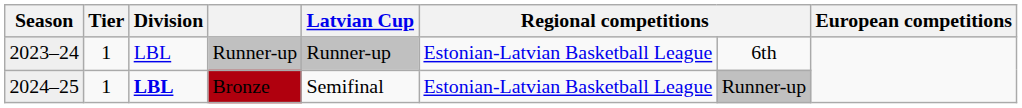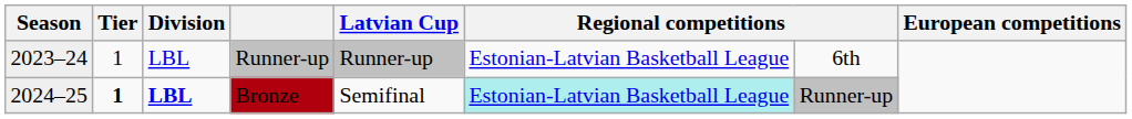 <table class="wikitable" style="font-size:85%; text-align:center">
 <tr>
 <th>Season</th>
 <th>Tier</th>
 <th>Division</th>
 <th></th>
 <th><a href='#'>Latvian Cup</a></th>
 <th colspan=2>Regional competitions</th>
 <th colspan=2>European competitions</th>
 </tr>
 <tr>
 <td bgcolor=#efefef>2023–24</td>
 <td>1</td>
 <td align=left><a href='#'>LBL</a></td>
 <td align=left bgcolor=silver>Runner-up</td>
 <td align=left bgcolor=silver>Runner-up</td>
 <td align=left><a href='#'>Estonian-Latvian Basketball League</a></td>
 <td>6th</td>
 </tr>
 <tr>
 <td bgcolor=#efefef>2024–25</td>
-<td>1</td>
+<td><strong>1</strong></td>
 <td align=left><strong><a href='#'>LBL</a></strong></td>
 <td align=left bgcolor=bronze>Bronze</td>
 <td align=left>Semifinal</td>
-<td align=left><a href='#'>Estonian-Latvian Basketball League</a></td>
+<td align=left style="background: paleturquoise;"><a href='#'>Estonian-Latvian Basketball League</a></td>
 <td align=left bgcolor=silver>Runner-up</td>
 </tr>
 </table>
